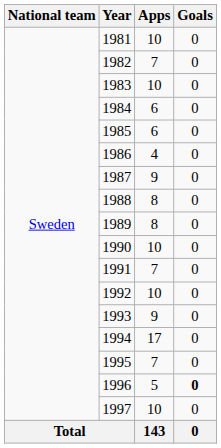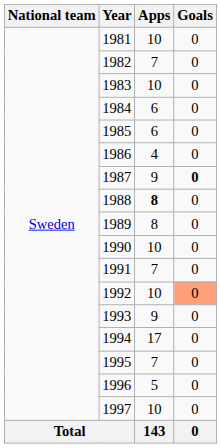 <table class="wikitable" style="text-align:center">
 <tr>
 <th>National team</th>
 <th>Year</th>
 <th>Apps</th>
 <th>Goals</th>
 </tr>
 <tr>
 <td rowspan="17"><a href='#'>Sweden</a></td>
 <td>1981</td>
 <td>10</td>
 <td>0</td>
 </tr>
 <tr>
 <td>1982</td>
 <td>7</td>
 <td>0</td>
 </tr>
 <tr>
 <td>1983</td>
 <td>10</td>
 <td>0</td>
 </tr>
 <tr>
 <td>1984</td>
 <td>6</td>
 <td>0</td>
 </tr>
 <tr>
 <td>1985</td>
 <td>6</td>
 <td>0</td>
 </tr>
 <tr>
 <td>1986</td>
 <td>4</td>
 <td>0</td>
 </tr>
 <tr>
 <td>1987</td>
 <td>9</td>
-<td>0</td>
+<td><strong>0</strong></td>
 </tr>
 <tr>
 <td>1988</td>
-<td>8</td>
+<td><strong>8</strong></td>
 <td>0</td>
 </tr>
 <tr>
 <td>1989</td>
 <td>8</td>
 <td>0</td>
 </tr>
 <tr>
 <td>1990</td>
 <td>10</td>
 <td>0</td>
 </tr>
 <tr>
 <td>1991</td>
 <td>7</td>
 <td>0</td>
 </tr>
 <tr>
 <td>1992</td>
 <td>10</td>
-<td>0</td>
+<td style="background: lightsalmon;">0</td>
 </tr>
 <tr>
 <td>1993</td>
 <td>9</td>
 <td>0</td>
 </tr>
 <tr>
 <td>1994</td>
 <td>17</td>
 <td>0</td>
 </tr>
 <tr>
 <td>1995</td>
 <td>7</td>
 <td>0</td>
 </tr>
 <tr>
 <td>1996</td>
 <td>5</td>
-<td><strong>0</strong></td>
+<td>0</td>
 </tr>
 <tr>
 <td>1997</td>
 <td>10</td>
 <td>0</td>
 </tr>
 <tr>
 <th colspan="2">Total</th>
 <th>143</th>
 <th>0</th>
 </tr>
 </table>
